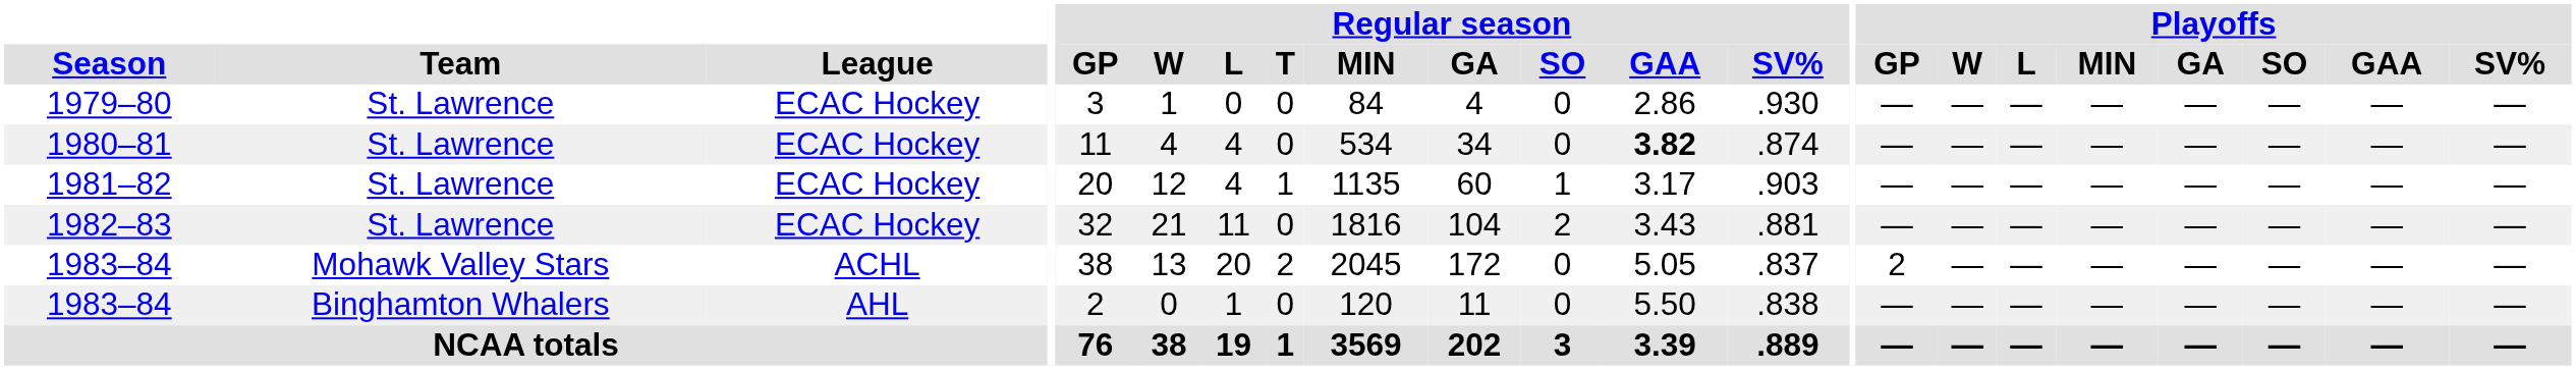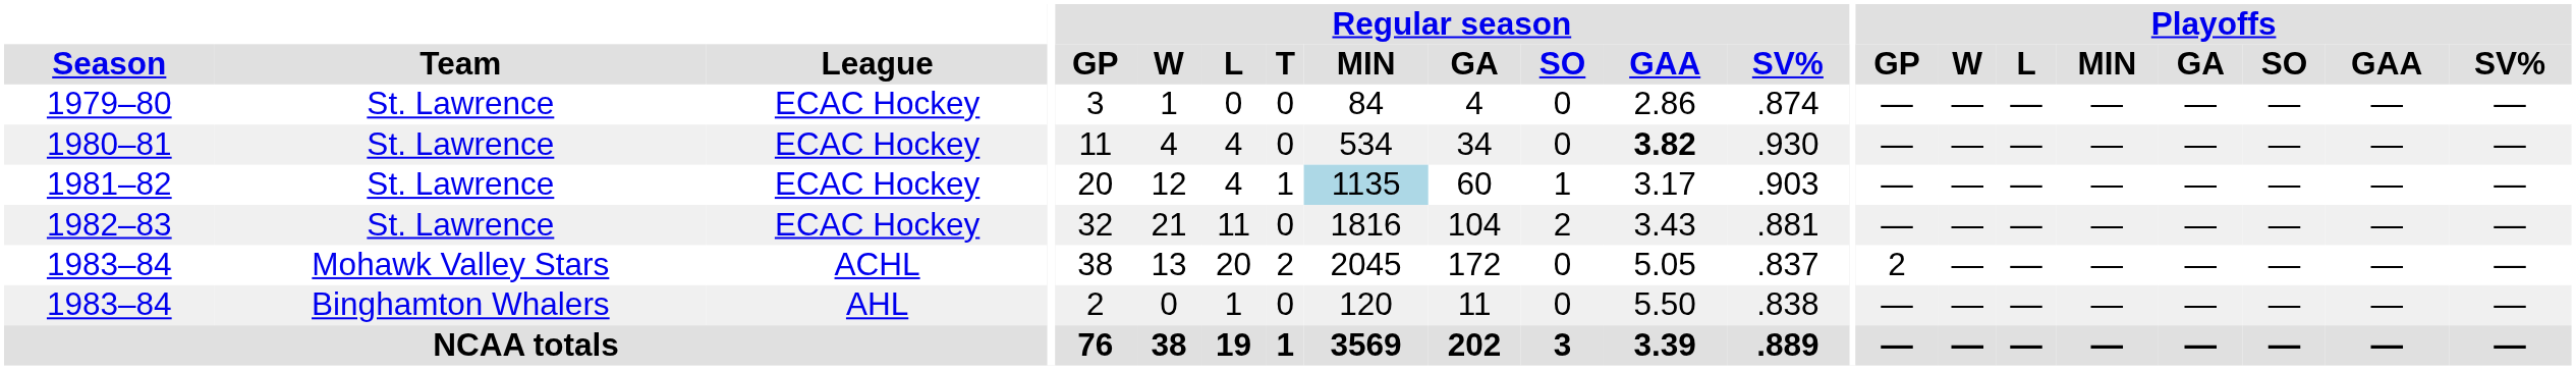 <table border="0" cellpadding="1" cellspacing="0" style="text-align:center; width:80em">
 <tr bgcolor="#e0e0e0">
 <th colspan="3" bgcolor="#ffffff"></th>
 <th rowspan="99" bgcolor="#ffffff"></th>
 <th colspan="9"><a href='#'>Regular season</a></th>
 <th rowspan="99" bgcolor="#ffffff"></th>
 <th colspan="8"><a href='#'>Playoffs</a></th>
 </tr>
 <tr bgcolor="#e0e0e0">
 <th><a href='#'>Season</a></th>
 <th>Team</th>
 <th>League</th>
 <th>GP</th>
 <th>W</th>
 <th>L</th>
 <th>T</th>
 <th>MIN</th>
 <th>GA</th>
 <th><a href='#'>SO</a></th>
 <th><a href='#'>GAA</a></th>
 <th><a href='#'>SV%</a></th>
 <th>GP</th>
 <th>W</th>
 <th>L</th>
 <th>MIN</th>
 <th>GA</th>
 <th>SO</th>
 <th>GAA</th>
 <th>SV%</th>
 </tr>
 <tr>
 <td><a href='#'>1979–80</a></td>
 <td><a href='#'>St. Lawrence</a></td>
 <td><a href='#'>ECAC Hockey</a></td>
 <td>3</td>
 <td>1</td>
 <td>0</td>
 <td>0</td>
 <td>84</td>
 <td>4</td>
 <td>0</td>
 <td>2.86</td>
-<td>.930</td>
+<td>.874</td>
 <td>—</td>
 <td>—</td>
 <td>—</td>
 <td>—</td>
 <td>—</td>
 <td>—</td>
 <td>—</td>
 <td>—</td>
 </tr>
 <tr bgcolor="f0f0f0">
 <td><a href='#'>1980–81</a></td>
 <td><a href='#'>St. Lawrence</a></td>
 <td><a href='#'>ECAC Hockey</a></td>
 <td>11</td>
 <td>4</td>
 <td>4</td>
 <td>0</td>
 <td>534</td>
 <td>34</td>
 <td>0</td>
 <td><strong>3.82</strong></td>
-<td>.874</td>
+<td>.930</td>
 <td>—</td>
 <td>—</td>
 <td>—</td>
 <td>—</td>
 <td>—</td>
 <td>—</td>
 <td>—</td>
 <td>—</td>
 </tr>
 <tr>
 <td><a href='#'>1981–82</a></td>
 <td><a href='#'>St. Lawrence</a></td>
 <td><a href='#'>ECAC Hockey</a></td>
 <td>20</td>
 <td>12</td>
 <td>4</td>
 <td>1</td>
-<td>1135</td>
+<td style="background: lightblue;">1135</td>
 <td>60</td>
 <td>1</td>
 <td>3.17</td>
 <td>.903</td>
 <td>—</td>
 <td>—</td>
 <td>—</td>
 <td>—</td>
 <td>—</td>
 <td>—</td>
 <td>—</td>
 <td>—</td>
 </tr>
 <tr bgcolor="f0f0f0">
 <td><a href='#'>1982–83</a></td>
 <td><a href='#'>St. Lawrence</a></td>
 <td><a href='#'>ECAC Hockey</a></td>
 <td>32</td>
 <td>21</td>
 <td>11</td>
 <td>0</td>
 <td>1816</td>
 <td>104</td>
 <td>2</td>
 <td>3.43</td>
 <td>.881</td>
 <td>—</td>
 <td>—</td>
 <td>—</td>
 <td>—</td>
 <td>—</td>
 <td>—</td>
 <td>—</td>
 <td>—</td>
 </tr>
 <tr>
 <td><a href='#'>1983–84</a></td>
 <td><a href='#'>Mohawk Valley Stars</a></td>
 <td><a href='#'>ACHL</a></td>
 <td>38</td>
 <td>13</td>
 <td>20</td>
 <td>2</td>
 <td>2045</td>
 <td>172</td>
 <td>0</td>
 <td>5.05</td>
 <td>.837</td>
 <td>2</td>
 <td>—</td>
 <td>—</td>
 <td>—</td>
 <td>—</td>
 <td>—</td>
 <td>—</td>
 <td>—</td>
 </tr>
 <tr bgcolor="f0f0f0">
 <td><a href='#'>1983–84</a></td>
 <td><a href='#'>Binghamton Whalers</a></td>
 <td><a href='#'>AHL</a></td>
 <td>2</td>
 <td>0</td>
 <td>1</td>
 <td>0</td>
 <td>120</td>
 <td>11</td>
 <td>0</td>
 <td>5.50</td>
 <td>.838</td>
 <td>—</td>
 <td>—</td>
 <td>—</td>
 <td>—</td>
 <td>—</td>
 <td>—</td>
 <td>—</td>
 <td>—</td>
 </tr>
 <tr bgcolor="#e0e0e0">
 <th colspan="3">NCAA totals</th>
 <th>76</th>
 <th>38</th>
 <th>19</th>
 <th>1</th>
 <th>3569</th>
 <th>202</th>
 <th>3</th>
 <th>3.39</th>
 <th>.889</th>
 <th>—</th>
 <th>—</th>
 <th>—</th>
 <th>—</th>
 <th>—</th>
 <th>—</th>
 <th>—</th>
 <th>—</th>
 </tr>
 </table>
